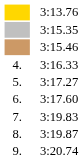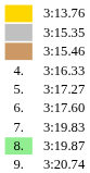 <table style="text-align:center">
 <tr>
 <td width=30 bgcolor=gold></td>
 <td align=left></td>
 <td width=60>3:13.76</td>
 </tr>
 <tr>
 <td bgcolor=silver></td>
 <td align=left></td>
 <td>3:15.35</td>
 </tr>
 <tr>
 <td bgcolor=cc9966></td>
 <td align=left></td>
 <td>3:15.46</td>
 </tr>
 <tr>
 <td>4.</td>
 <td align=left></td>
 <td>3:16.33</td>
 </tr>
 <tr>
 <td>5.</td>
 <td align=left></td>
 <td>3:17.27</td>
 </tr>
 <tr>
 <td>6.</td>
 <td align=left></td>
 <td>3:17.60</td>
 </tr>
 <tr>
 <td>7.</td>
 <td align=left></td>
 <td>3:19.83</td>
 </tr>
 <tr>
-<td>8.</td>
+<td style="background: lightgreen;">8.</td>
 <td align=left></td>
 <td>3:19.87</td>
 </tr>
 <tr>
 <td>9.</td>
 <td align=left></td>
 <td>3:20.74</td>
 </tr>
 </table>
